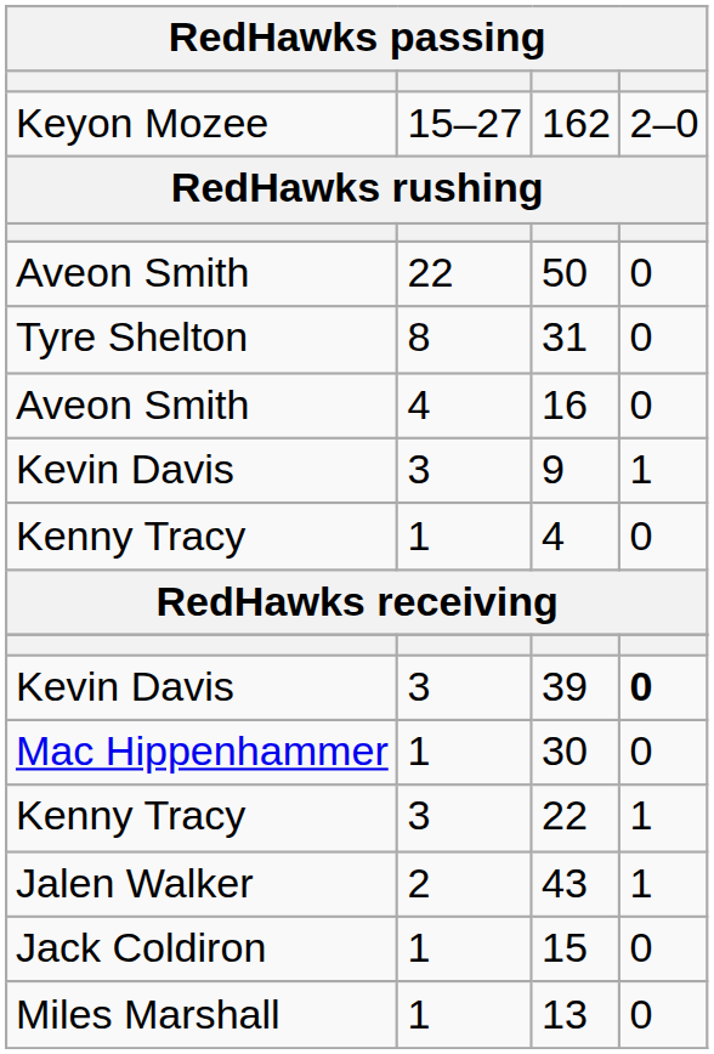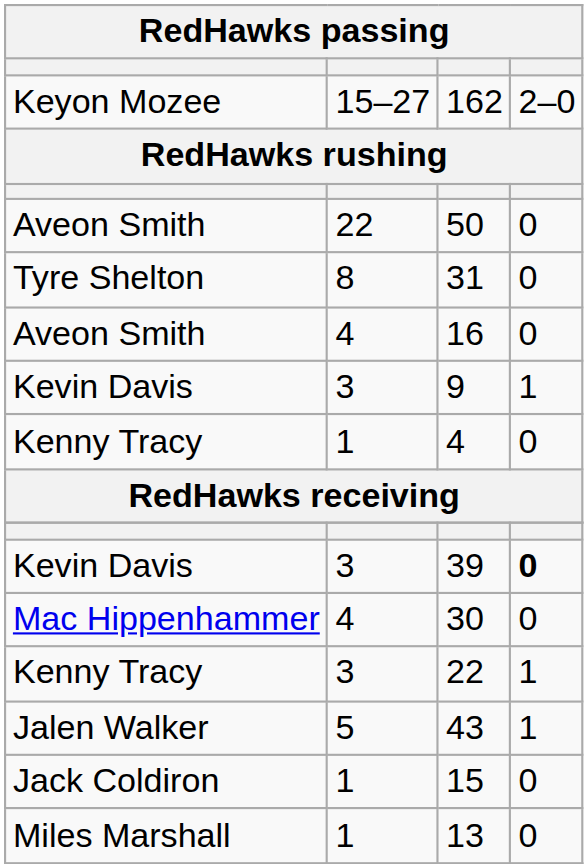 <table class="wikitable plainrowheaders">
 <tr>
 <th colspan="6">RedHawks passing</th>
 </tr>
 <tr>
 <th scope="col"></th>
 <th scope="col"></th>
 <th scope="col"></th>
 <th scope="col"></th>
 </tr>
 <tr>
 <td>Keyon Mozee</td>
 <td>15–27</td>
 <td>162</td>
 <td>2–0</td>
 </tr>
 <tr>
 <th colspan="6">RedHawks rushing</th>
 </tr>
 <tr>
 <th scope="col"></th>
 <th scope="col"></th>
 <th scope="col"></th>
 <th scope="col"></th>
 </tr>
 <tr>
 <td>Aveon Smith</td>
 <td>22</td>
 <td>50</td>
 <td>0</td>
 </tr>
 <tr>
 <td>Tyre Shelton</td>
 <td>8</td>
 <td>31</td>
 <td>0</td>
 </tr>
 <tr>
 <td>Aveon Smith</td>
 <td>4</td>
 <td>16</td>
 <td>0</td>
 </tr>
 <tr>
 <td>Kevin Davis</td>
 <td>3</td>
 <td>9</td>
 <td>1</td>
 </tr>
 <tr>
 <td>Kenny Tracy</td>
 <td>1</td>
 <td>4</td>
 <td>0</td>
 </tr>
 <tr>
 <th colspan="6">RedHawks receiving</th>
 </tr>
 <tr>
 </tr>
 <tr>
 <th scope="col"></th>
 <th scope="col"></th>
 <th scope="col"></th>
 <th scope="col"></th>
 </tr>
 <tr>
 <td>Kevin Davis</td>
 <td>3</td>
 <td>39</td>
 <td><strong>0</strong></td>
 </tr>
 <tr>
 <td><a href='#'>Mac Hippenhammer</a></td>
-<td>1</td>
+<td>4</td>
 <td>30</td>
 <td>0</td>
 </tr>
 <tr>
 <td>Kenny Tracy</td>
 <td>3</td>
 <td>22</td>
 <td>1</td>
 </tr>
 <tr>
 <td>Jalen Walker</td>
-<td>2</td>
+<td>5</td>
 <td>43</td>
 <td>1</td>
 </tr>
 <tr>
 <td>Jack Coldiron</td>
 <td>1</td>
 <td>15</td>
 <td>0</td>
 </tr>
 <tr>
 <td>Miles Marshall</td>
 <td>1</td>
 <td>13</td>
 <td>0</td>
 </tr>
 <tr>
 </tr>
 </table>
